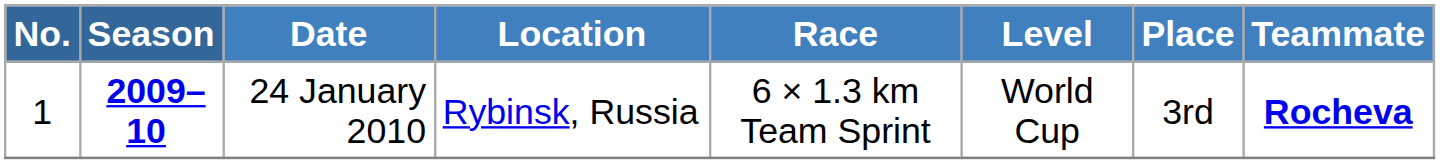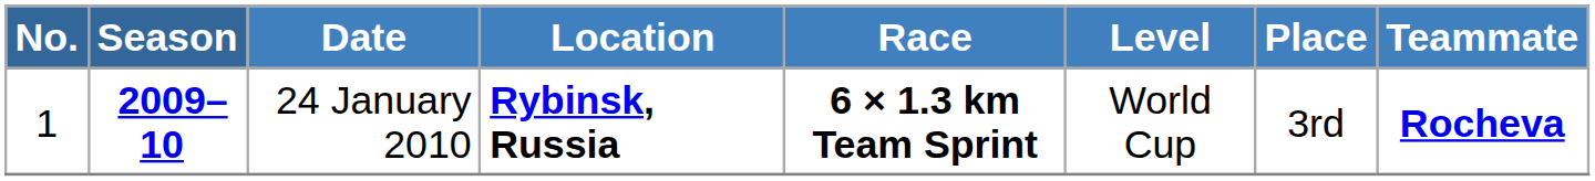 <table class="wikitable sortable" style="font-size:95%; text-align:center; border:grey solid 1px; border-collapse:collapse; background:#ffffff;">
 <tr style="background:#efefef;">
 <th style="background-color:#369; color:white;">No.</th>
 <th style="background-color:#369; color:white;">Season</th>
 <th style="background-color:#4180be; color:white; width:120px;">Date</th>
 <th style="background-color:#4180be; color:white; width:170px;">Location</th>
 <th style="background-color:#4180be; color:white; width:170px;">Race</th>
 <th style="background-color:#4180be; color:white; width:100px;">Level</th>
 <th style="background-color:#4180be; color:white;">Place</th>
 <th style="background-color:#4180be; color:white;">Teammate</th>
 </tr>
 <tr>
 <td align=center>1</td>
 <td rowspan=1 align=center><strong> <a href='#'>2009–10</a> </strong></td>
 <td align=right>24 January 2010</td>
-<td align=left> <a href='#'>Rybinsk</a>, Russia</td>
-<td>6 × 1.3 km Team Sprint</td>
+<td align=left><strong> <a href='#'>Rybinsk</a>, Russia</strong></td>
+<td><strong>6 × 1.3 km Team Sprint</strong></td>
 <td>World Cup</td>
 <td>3rd</td>
 <td><strong><a href='#'>Rocheva</a></strong></td>
 </tr>
 <tr>
 </tr>
 </table>
